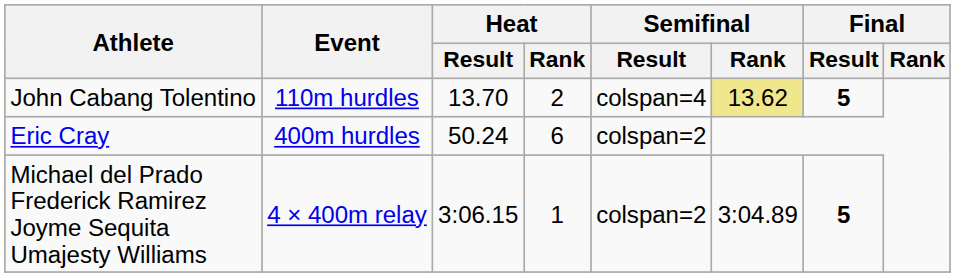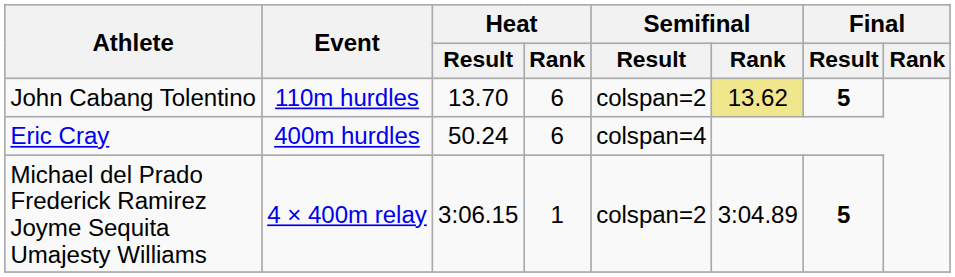 <table class="wikitable" style="font-size:90%">
 <tr>
 <th rowspan=2>Athlete</th>
 <th rowspan=2>Event</th>
 <th colspan=2>Heat</th>
 <th colspan=2>Semifinal</th>
 <th colspan=2>Final</th>
 </tr>
 <tr style="font-size:95%">
 <th>Result</th>
 <th>Rank</th>
 <th>Result</th>
 <th>Rank</th>
 <th>Result</th>
 <th>Rank</th>
 </tr>
 <tr align=center>
 <td align=left>John Cabang Tolentino</td>
 <td><a href='#'>110m hurdles</a></td>
 <td>13.70</td>
-<td>2 </td>
-<td>colspan=4 </td>
+<td>6 </td>
+<td>colspan=2 </td>
 <td style="background: khaki;">13.62</td>
 <td><strong>5</strong></td>
 </tr>
 <tr align=center>
 <td align=left><a href='#'>Eric Cray</a></td>
 <td><a href='#'>400m hurdles</a></td>
 <td>50.24</td>
 <td>6</td>
-<td>colspan=2 </td>
+<td>colspan=4 </td>
 </tr>
 <tr align=center>
 <td align=left>Michael del Prado<br>Frederick Ramirez<br>Joyme Sequita<br>Umajesty Williams</td>
 <td><a href='#'>4 × 400m relay</a></td>
 <td>3:06.15</td>
 <td>1  </td>
 <td>colspan=2 </td>
 <td>3:04.89</td>
 <td><strong>5</strong> </td>
 </tr>
 </table>
